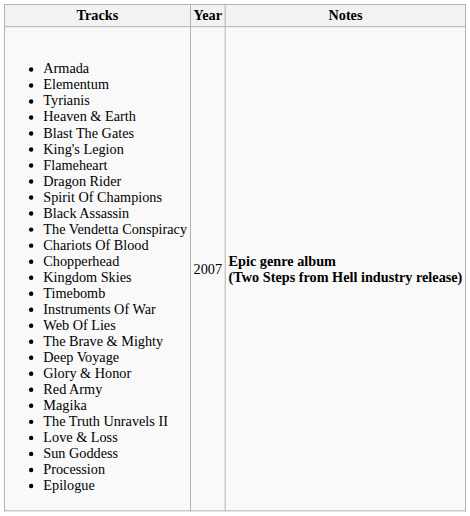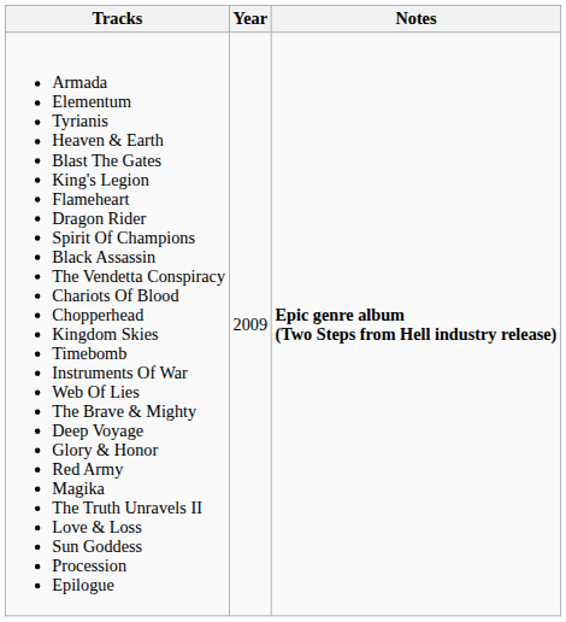 <table class="wikitable sortable">
 <tr>
 <th>Tracks</th>
 <th>Year</th>
 <th>Notes</th>
 </tr>
 <tr>
 <td><br><ul><li>Armada</li><li>Elementum</li><li>Tyrianis</li><li>Heaven & Earth</li><li>Blast The Gates</li><li>King's Legion</li><li>Flameheart</li><li>Dragon Rider</li><li>Spirit Of Champions</li><li>Black Assassin</li><li>The Vendetta Conspiracy</li><li>Chariots Of Blood</li><li>Chopperhead</li><li>Kingdom Skies</li><li>Timebomb</li><li>Instruments Of War</li><li>Web Of Lies</li><li>The Brave & Mighty</li><li>Deep Voyage</li><li>Glory & Honor</li><li>Red Army</li><li>Magika</li><li>The Truth Unravels II</li><li>Love & Loss</li><li>Sun Goddess</li><li>Procession</li><li>Epilogue</li></ul></td>
-<td>2007</td>
+<td>2009</td>
 <td><strong>Epic genre album<br>(Two Steps from Hell industry release)</strong></td>
 </tr>
 </table>
